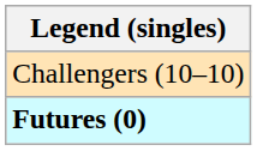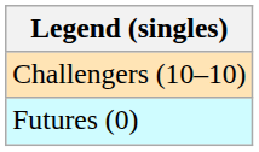 <table class=wikitable style=font-size:97%>
 <tr>
 <th>Legend (singles)</th>
 </tr>
 <tr bgcolor=moccasin>
 <td>Challengers (10–10)</td>
 </tr>
 <tr bgcolor=CFFCFF>
-<td><strong>Futures (0)</strong></td>
+<td>Futures (0)</td>
 </tr>
 </table>
